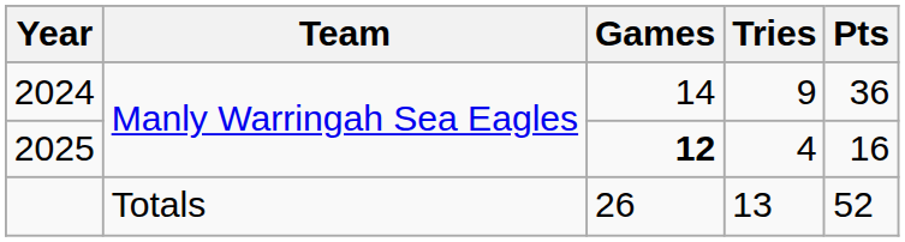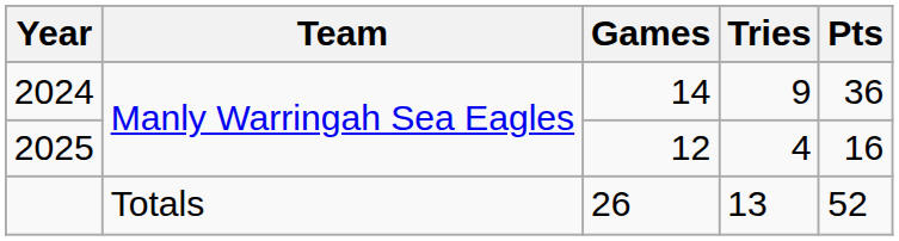 <table class="wikitable">
 <tr>
 <th>Year</th>
 <th>Team</th>
 <th>Games</th>
 <th>Tries</th>
 <th>Pts</th>
 </tr>
 <tr>
 <td align=center>2024</td>
 <td rowspan="2" align=left> <a href='#'>Manly Warringah Sea Eagles</a></td>
 <td align=right>14</td>
 <td align=right>9</td>
 <td align=right>36</td>
 </tr>
 <tr>
 <td align=center>2025</td>
-<td align=right><strong>12</strong></td>
+<td align=right>12</td>
 <td align=right>4</td>
 <td align=right>16</td>
 </tr>
 <tr>
 <td></td>
 <td>Totals</td>
 <td>26</td>
 <td>13</td>
 <td>52</td>
 </tr>
 </table>
